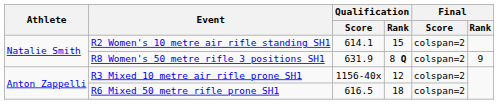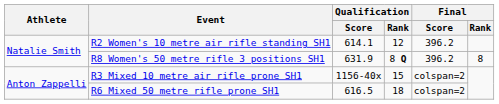 <table class=wikitable style=font-size:90%;text-align:center>
 <tr>
 <th rowspan=2>Athlete</th>
 <th rowspan=2>Event</th>
 <th colspan=2>Qualification</th>
 <th colspan=2>Final</th>
 </tr>
 <tr style=font-size:95%>
 <th>Score</th>
 <th>Rank</th>
 <th>Score</th>
 <th>Rank</th>
 </tr>
 <tr>
 <td align=left rowspan=2><a href='#'>Natalie Smith</a></td>
 <td align=left><a href='#'>R2 Women's 10 metre air rifle standing SH1</a></td>
 <td>614.1</td>
-<td>15</td>
-<td>colspan=2 </td>
+<td>12</td>
+<td>396.2</td>
 </tr>
 <tr>
 <td align=left><a href='#'>R8 Women's 50 metre rifle 3 positions SH1</a></td>
 <td>631.9</td>
 <td>8 <strong>Q</strong></td>
-<td>colspan=2 </td>
-<td>9</td>
+<td>396.2</td>
+<td>8</td>
 </tr>
 <tr>
 <td align=left rowspan=2><a href='#'>Anton Zappelli</a></td>
 <td align=left><a href='#'>R3 Mixed 10 metre air rifle prone SH1</a></td>
 <td>1156-40x</td>
-<td>12</td>
+<td>15</td>
 <td>colspan=2 </td>
 </tr>
 <tr>
 <td align=left><a href='#'>R6 Mixed 50 metre rifle prone SH1</a></td>
 <td>616.5</td>
 <td>18</td>
 <td>colspan=2 </td>
 </tr>
 </table>
